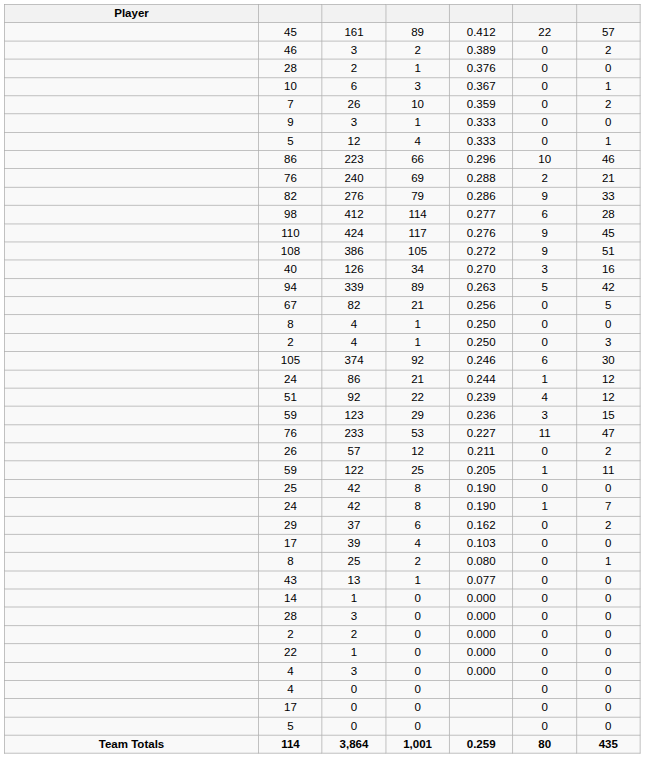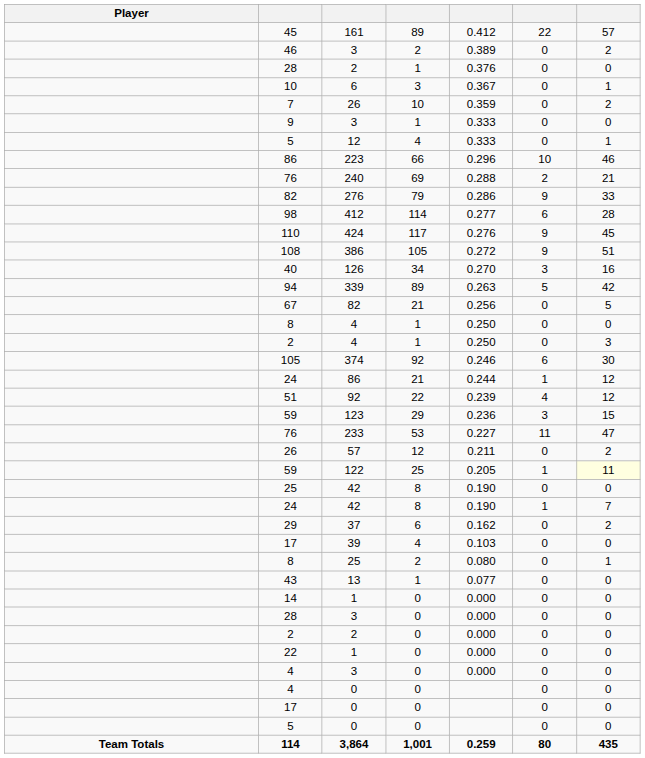 <table class="wikitable sortable" style="text-align:center;" width="100%">
 <tr>
 <th width="40%">Player</th>
 <th width="10%"></th>
 <th width="10%"></th>
 <th width="10%"></th>
 <th width="10%"></th>
 <th width="10%"></th>
 <th width="10%"></th>
 </tr>
 <tr>
 <td></td>
 <td>45</td>
 <td>161</td>
 <td>89</td>
 <td>0.412</td>
 <td>22</td>
 <td>57</td>
 </tr>
 <tr>
 <td></td>
 <td>46</td>
 <td>3</td>
 <td>2</td>
 <td>0.389</td>
 <td>0</td>
 <td>2</td>
 </tr>
 <tr>
 <td></td>
 <td>28</td>
 <td>2</td>
 <td>1</td>
 <td>0.376</td>
 <td>0</td>
 <td>0</td>
 </tr>
 <tr>
 <td></td>
 <td>10</td>
 <td>6</td>
 <td>3</td>
 <td>0.367</td>
 <td>0</td>
 <td>1</td>
 </tr>
 <tr>
 <td></td>
 <td>7</td>
 <td>26</td>
 <td>10</td>
 <td>0.359</td>
 <td>0</td>
 <td>2</td>
 </tr>
 <tr>
 <td></td>
 <td>9</td>
 <td>3</td>
 <td>1</td>
 <td>0.333</td>
 <td>0</td>
 <td>0</td>
 </tr>
 <tr>
 <td></td>
 <td>5</td>
 <td>12</td>
 <td>4</td>
 <td>0.333</td>
 <td>0</td>
 <td>1</td>
 </tr>
 <tr>
 <td></td>
 <td>86</td>
 <td>223</td>
 <td>66</td>
 <td>0.296</td>
 <td>10</td>
 <td>46</td>
 </tr>
 <tr>
 <td></td>
 <td>76</td>
 <td>240</td>
 <td>69</td>
 <td>0.288</td>
 <td>2</td>
 <td>21</td>
 </tr>
 <tr>
 <td></td>
 <td>82</td>
 <td>276</td>
 <td>79</td>
 <td>0.286</td>
 <td>9</td>
 <td>33</td>
 </tr>
 <tr>
 <td></td>
 <td>98</td>
 <td>412</td>
 <td>114</td>
 <td>0.277</td>
 <td>6</td>
 <td>28</td>
 </tr>
 <tr>
 <td></td>
 <td>110</td>
 <td>424</td>
 <td>117</td>
 <td>0.276</td>
 <td>9</td>
 <td>45</td>
 </tr>
 <tr>
 <td></td>
 <td>108</td>
 <td>386</td>
 <td>105</td>
 <td>0.272</td>
 <td>9</td>
 <td>51</td>
 </tr>
 <tr>
 <td></td>
 <td>40</td>
 <td>126</td>
 <td>34</td>
 <td>0.270</td>
 <td>3</td>
 <td>16</td>
 </tr>
 <tr>
 <td></td>
 <td>94</td>
 <td>339</td>
 <td>89</td>
 <td>0.263</td>
 <td>5</td>
 <td>42</td>
 </tr>
 <tr>
 <td></td>
 <td>67</td>
 <td>82</td>
 <td>21</td>
 <td>0.256</td>
 <td>0</td>
 <td>5</td>
 </tr>
 <tr>
 <td></td>
 <td>8</td>
 <td>4</td>
 <td>1</td>
 <td>0.250</td>
 <td>0</td>
 <td>0</td>
 </tr>
 <tr>
 <td></td>
 <td>2</td>
 <td>4</td>
 <td>1</td>
 <td>0.250</td>
 <td>0</td>
 <td>3</td>
 </tr>
 <tr>
 <td></td>
 <td>105</td>
 <td>374</td>
 <td>92</td>
 <td>0.246</td>
 <td>6</td>
 <td>30</td>
 </tr>
 <tr>
 <td></td>
 <td>24</td>
 <td>86</td>
 <td>21</td>
 <td>0.244</td>
 <td>1</td>
 <td>12</td>
 </tr>
 <tr>
 <td></td>
 <td>51</td>
 <td>92</td>
 <td>22</td>
 <td>0.239</td>
 <td>4</td>
 <td>12</td>
 </tr>
 <tr>
 <td></td>
 <td>59</td>
 <td>123</td>
 <td>29</td>
 <td>0.236</td>
 <td>3</td>
 <td>15</td>
 </tr>
 <tr>
 <td></td>
 <td>76</td>
 <td>233</td>
 <td>53</td>
 <td>0.227</td>
 <td>11</td>
 <td>47</td>
 </tr>
 <tr>
 <td></td>
 <td>26</td>
 <td>57</td>
 <td>12</td>
 <td>0.211</td>
 <td>0</td>
 <td>2</td>
 </tr>
 <tr>
 <td></td>
 <td>59</td>
 <td>122</td>
 <td>25</td>
 <td>0.205</td>
 <td>1</td>
-<td>11</td>
+<td style="background: lightyellow;">11</td>
 </tr>
 <tr>
 <td></td>
 <td>25</td>
 <td>42</td>
 <td>8</td>
 <td>0.190</td>
 <td>0</td>
 <td>0</td>
 </tr>
 <tr>
 <td></td>
 <td>24</td>
 <td>42</td>
 <td>8</td>
 <td>0.190</td>
 <td>1</td>
 <td>7</td>
 </tr>
 <tr>
 <td></td>
 <td>29</td>
 <td>37</td>
 <td>6</td>
 <td>0.162</td>
 <td>0</td>
 <td>2</td>
 </tr>
 <tr>
 <td></td>
 <td>17</td>
 <td>39</td>
 <td>4</td>
 <td>0.103</td>
 <td>0</td>
 <td>0</td>
 </tr>
 <tr>
 <td></td>
 <td>8</td>
 <td>25</td>
 <td>2</td>
 <td>0.080</td>
 <td>0</td>
 <td>1</td>
 </tr>
 <tr>
 <td></td>
 <td>43</td>
 <td>13</td>
 <td>1</td>
 <td>0.077</td>
 <td>0</td>
 <td>0</td>
 </tr>
 <tr>
 <td></td>
 <td>14</td>
 <td>1</td>
 <td>0</td>
 <td>0.000</td>
 <td>0</td>
 <td>0</td>
 </tr>
 <tr>
 <td></td>
 <td>28</td>
 <td>3</td>
 <td>0</td>
 <td>0.000</td>
 <td>0</td>
 <td>0</td>
 </tr>
 <tr>
 <td></td>
 <td>2</td>
 <td>2</td>
 <td>0</td>
 <td>0.000</td>
 <td>0</td>
 <td>0</td>
 </tr>
 <tr>
 <td></td>
 <td>22</td>
 <td>1</td>
 <td>0</td>
 <td>0.000</td>
 <td>0</td>
 <td>0</td>
 </tr>
 <tr>
 <td></td>
 <td>4</td>
 <td>3</td>
 <td>0</td>
 <td>0.000</td>
 <td>0</td>
 <td>0</td>
 </tr>
 <tr>
 <td></td>
 <td>4</td>
 <td>0</td>
 <td>0</td>
 <td></td>
 <td>0</td>
 <td>0</td>
 </tr>
 <tr>
 <td></td>
 <td>17</td>
 <td>0</td>
 <td>0</td>
 <td></td>
 <td>0</td>
 <td>0</td>
 </tr>
 <tr>
 <td></td>
 <td>5</td>
 <td>0</td>
 <td>0</td>
 <td></td>
 <td>0</td>
 <td>0</td>
 </tr>
 <tr>
 <td><strong>Team Totals</strong></td>
 <td><strong>114</strong></td>
 <td><strong>3,864</strong></td>
 <td><strong>1,001</strong></td>
 <td><strong>0.259</strong></td>
 <td><strong>80</strong></td>
 <td><strong>435</strong></td>
 </tr>
 </table>
